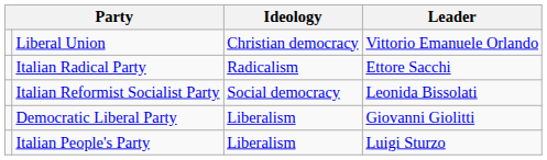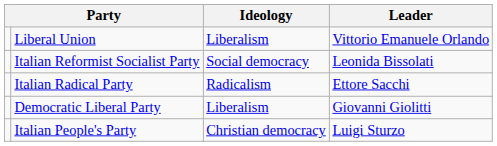 <table class=wikitable style="font-size:100%">
 <tr>
 <th colspan=2>Party</th>
 <th>Ideology</th>
 <th>Leader</th>
 </tr>
 <tr>
 <td style="color:inherit;background:"></td>
 <td><a href='#'>Liberal Union</a></td>
-<td><a href='#'>Christian democracy</a></td>
+<td><a href='#'>Liberalism</a></td>
 <td><a href='#'>Vittorio Emanuele Orlando</a></td>
+</tr>
+<tr>
+<td style="color:inherit;background:"></td>
+<td><a href='#'>Italian Reformist Socialist Party</a></td>
+<td><a href='#'>Social democracy</a></td>
+<td><a href='#'>Leonida Bissolati</a></td>
 </tr>
 <tr>
 <td style="color:inherit;background:"></td>
 <td><a href='#'>Italian Radical Party</a></td>
 <td><a href='#'>Radicalism</a></td>
 <td><a href='#'>Ettore Sacchi</a></td>
-</tr>
-<tr>
-<td style="color:inherit;background:"></td>
-<td><a href='#'>Italian Reformist Socialist Party</a></td>
-<td><a href='#'>Social democracy</a></td>
-<td><a href='#'>Leonida Bissolati</a></td>
 </tr>
 <tr>
 <td style="color:inherit;background:"></td>
 <td><a href='#'>Democratic Liberal Party</a></td>
 <td><a href='#'>Liberalism</a></td>
 <td><a href='#'>Giovanni Giolitti</a></td>
 </tr>
 <tr>
 <td style="color:inherit;background:"></td>
 <td><a href='#'>Italian People's Party</a></td>
-<td><a href='#'>Liberalism</a></td>
+<td><a href='#'>Christian democracy</a></td>
 <td><a href='#'>Luigi Sturzo</a></td>
 </tr>
 </table>
